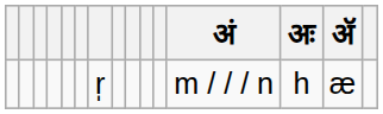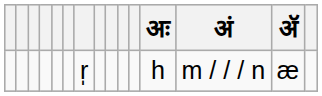 <table class="wikitable" style="text-align: center;">
 <tr>
 <th></th>
 <th></th>
 <th></th>
 <th></th>
 <th></th>
 <th></th>
 <th></th>
 <th></th>
 <th></th>
 <th></th>
 <th></th>
+<th>अः</th>
 <th>अं</th>
-<th>अः</th>
 <th>ॲ</th>
 <th></th>
 </tr>
 <tr>
 <td></td>
 <td></td>
 <td></td>
 <td></td>
 <td></td>
 <td></td>
 <td>r̩</td>
 <td></td>
 <td></td>
 <td></td>
 <td></td>
+<td>h</td>
 <td>m /  /  / n</td>
-<td>h</td>
 <td>æ</td>
 <td></td>
 </tr>
 </table>
